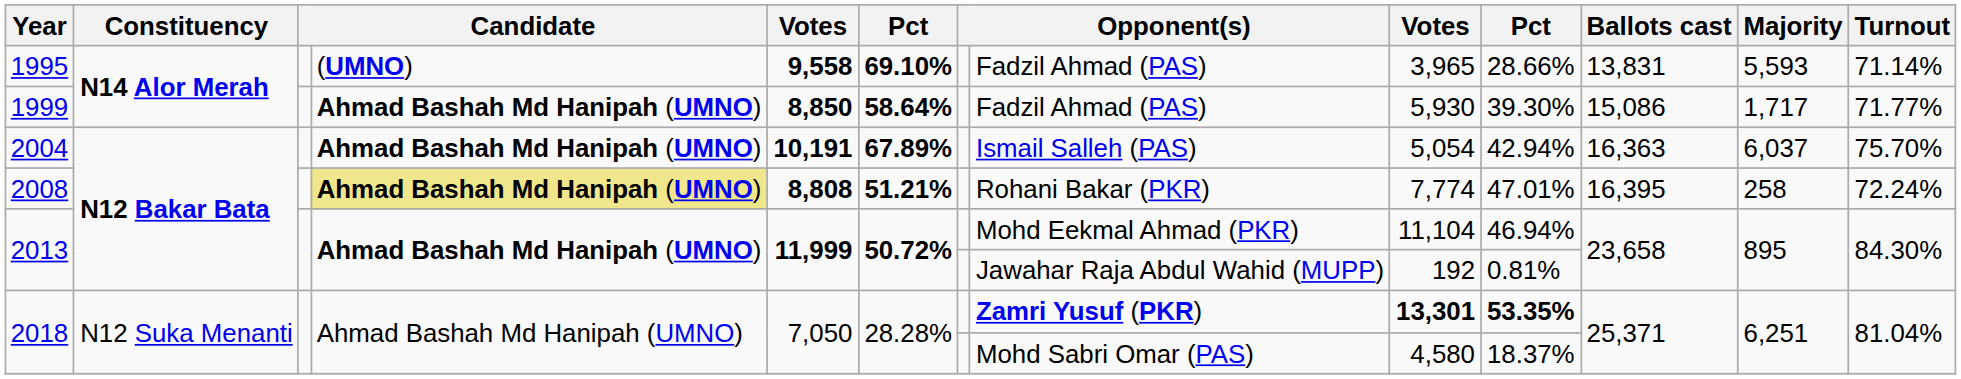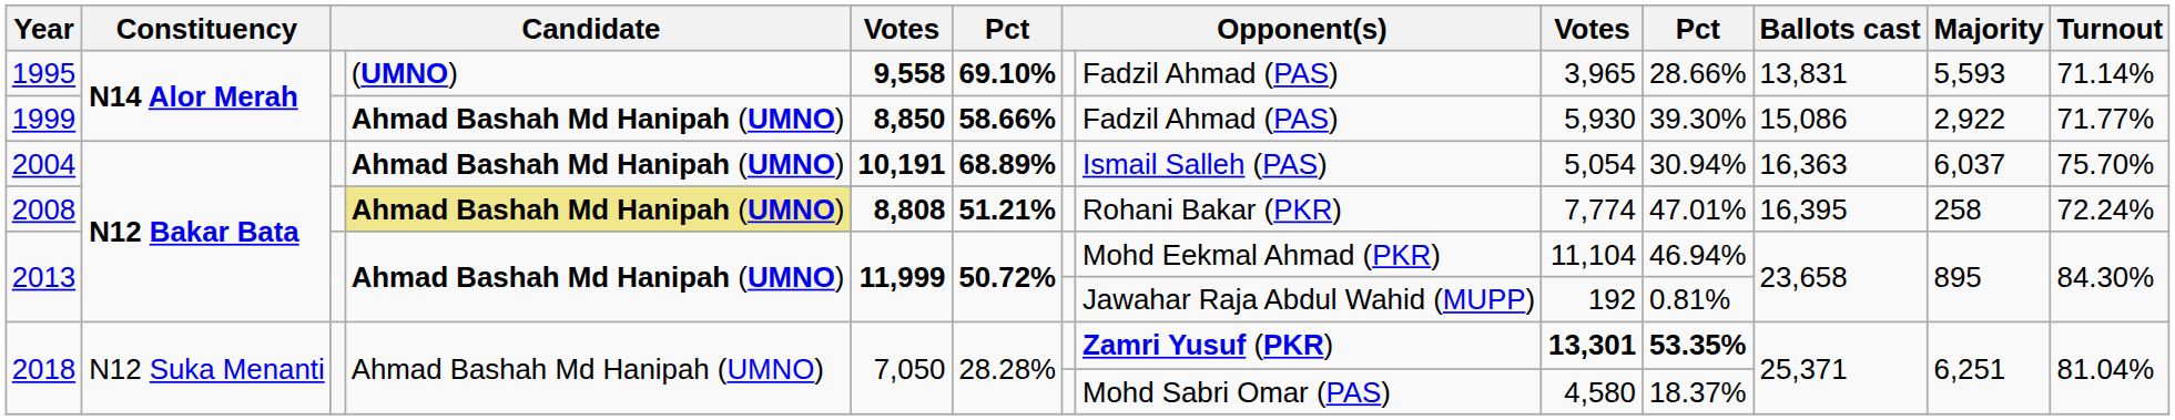 <table class="wikitable" style="margin:0.5em ; font-size:95%">
 <tr>
 <th>Year</th>
 <th>Constituency</th>
 <th colspan=2>Candidate</th>
 <th>Votes</th>
 <th>Pct</th>
 <th colspan=2>Opponent(s)</th>
 <th>Votes</th>
 <th>Pct</th>
 <th>Ballots cast</th>
 <th>Majority</th>
 <th>Turnout</th>
 </tr>
 <tr>
 <td><a href='#'>1995</a></td>
 <td rowspan=2><strong>N14 <a href='#'>Alor Merah</a></strong></td>
 <td></td>
 <td> (<a href='#'><strong>UMNO</strong></a>)</td>
 <td align="right"><strong>9,558</strong></td>
 <td><strong>69.10%</strong></td>
 <td></td>
 <td>Fadzil Ahmad (<a href='#'>PAS</a>)</td>
 <td align="right">3,965</td>
 <td>28.66%</td>
 <td>13,831</td>
 <td>5,593</td>
 <td>71.14%</td>
 </tr>
 <tr>
 <td><a href='#'>1999</a></td>
 <td></td>
 <td><strong>Ahmad Bashah Md Hanipah</strong> (<a href='#'><strong>UMNO</strong></a>)</td>
 <td align="right"><strong>8,850</strong></td>
-<td><strong>58.64%</strong></td>
+<td><strong>58.66%</strong></td>
 <td></td>
 <td>Fadzil Ahmad (<a href='#'>PAS</a>)</td>
 <td align="right">5,930</td>
 <td>39.30%</td>
 <td>15,086</td>
-<td>1,717</td>
+<td>2,922</td>
 <td>71.77%</td>
 </tr>
 <tr>
 <td><a href='#'>2004</a></td>
 <td rowspan=4><strong>N12 <a href='#'>Bakar Bata</a></strong></td>
 <td></td>
 <td><strong>Ahmad Bashah Md Hanipah</strong> (<a href='#'><strong>UMNO</strong></a>)</td>
 <td align="right"><strong>10,191</strong></td>
-<td><strong>67.89%</strong></td>
+<td><strong>68.89%</strong></td>
 <td></td>
 <td><a href='#'>Ismail Salleh</a> (<a href='#'>PAS</a>)</td>
 <td align="right">5,054</td>
-<td>42.94%</td>
+<td>30.94%</td>
 <td>16,363</td>
 <td>6,037</td>
 <td>75.70%</td>
 </tr>
 <tr>
 <td><a href='#'>2008</a></td>
 <td></td>
 <td style="background: khaki;"><strong>Ahmad Bashah Md Hanipah</strong> (<a href='#'><strong>UMNO</strong></a>)</td>
 <td align="right"><strong>8,808</strong></td>
 <td><strong>51.21%</strong></td>
 <td></td>
 <td>Rohani Bakar (<a href='#'>PKR</a>)</td>
 <td align="right">7,774</td>
 <td>47.01%</td>
 <td>16,395</td>
 <td>258</td>
 <td>72.24%</td>
 </tr>
 <tr>
 <td rowspan=2><a href='#'>2013</a></td>
 <td rowspan=2 ></td>
 <td rowspan=2><strong>Ahmad Bashah Md Hanipah</strong> (<a href='#'><strong>UMNO</strong></a>)</td>
 <td rowspan=2 align="right"><strong>11,999</strong></td>
 <td rowspan=2><strong>50.72%</strong></td>
 <td></td>
 <td>Mohd Eekmal Ahmad (<a href='#'>PKR</a>)</td>
 <td align="right">11,104</td>
 <td>46.94%</td>
 <td rowspan=2>23,658</td>
 <td rowspan=2>895</td>
 <td rowspan=2>84.30%</td>
 </tr>
 <tr>
 <td></td>
 <td>Jawahar Raja Abdul Wahid (<a href='#'>MUPP</a>)</td>
 <td align="right">192</td>
 <td>0.81%</td>
 </tr>
 <tr>
 <td rowspan=2><a href='#'>2018</a></td>
 <td rowspan=2>N12 <a href='#'>Suka Menanti</a></td>
 <td rowspan=2 ></td>
 <td rowspan=2>Ahmad Bashah Md Hanipah (<a href='#'>UMNO</a>)</td>
 <td rowspan=2 align="right">7,050</td>
 <td rowspan=2>28.28%</td>
 <td></td>
 <td><strong><a href='#'>Zamri Yusuf</a></strong> (<a href='#'><strong>PKR</strong></a>)</td>
 <td align="right"><strong>13,301</strong></td>
 <td><strong>53.35%</strong></td>
 <td rowspan=2>25,371</td>
 <td rowspan=2>6,251</td>
 <td rowspan=2>81.04%</td>
 </tr>
 <tr>
 <td></td>
 <td>Mohd Sabri Omar (<a href='#'>PAS</a>)</td>
 <td align="right">4,580</td>
 <td>18.37%</td>
 </tr>
 </table>
